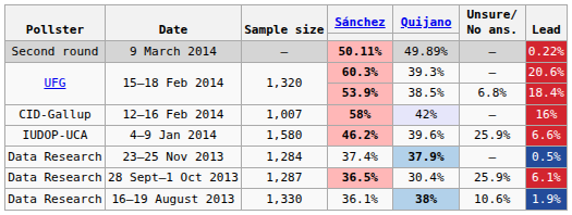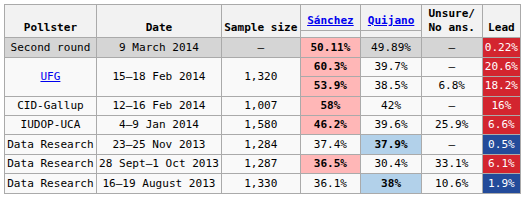 <table class="nowrap wikitable" style="text-align:center;font-size:85%;line-height:14px">
 <tr style="vertical-align:bottom">
 <th rowspan="2">Pollster</th>
 <th rowspan="2">Date</th>
 <th rowspan="2">Sample size</th>
 <th style="width:5em"><a href='#'>Sánchez</a><br></th>
 <th style="width:5em"><a href='#'>Quijano</a><br></th>
 <th rowspan="2" style="width:5em">Unsure/<br>No ans.</th>
 <th rowspan="2">Lead</th>
 </tr>
 <tr>
 <th style="background:"></th>
 <th style="background:"></th>
 </tr>
 <tr style="background:#D5D5D5;">
 <td>Second round</td>
 <td>9 March 2014</td>
 <td>–</td>
 <td style="background:#ffb7b7;font-weight:bold">50.11%</td>
 <td>49.89%</td>
 <td>–</td>
 <td style=background:#D3252F;color:white>0.22%</td>
 </tr>
 <tr>
 <td rowspan="2"><a href='#'>UFG</a></td>
 <td rowspan="2">15–18 Feb 2014</td>
 <td rowspan="2">1,320</td>
 <td style="background:#ffb7b7;font-weight:bold">60.3%</td>
-<td>39.3%</td>
+<td>39.7%</td>
 <td>–</td>
 <td style=background:#D3252F;color:white>20.6%</td>
 </tr>
 <tr>
 <td style="background:#ffb7b7;font-weight:bold">53.9%</td>
 <td>38.5%</td>
 <td>6.8%</td>
-<td style=background:#D3252F;color:white>18.4%</td>
+<td style=background:#D3252F;color:white>18.2%</td>
 </tr>
 <tr>
 <td>CID-Gallup</td>
 <td>12–16 Feb 2014</td>
 <td>1,007</td>
 <td style="background:#ffb7b7;font-weight:bold">58%</td>
-<td style="background: lavender;">42%</td>
+<td>42%</td>
 <td>–</td>
 <td style=background:#D3252F;color:white>16%</td>
 </tr>
 <tr>
 <td>IUDOP-UCA</td>
 <td>4–9 Jan 2014</td>
 <td>1,580</td>
 <td style="background:#ffb7b7;font-weight:bold">46.2%</td>
 <td>39.6%</td>
 <td>25.9%</td>
 <td style=background:#D3252F;color:white>6.6%</td>
 </tr>
 <tr>
 <td>Data Research</td>
 <td>23–25 Nov 2013</td>
 <td>1,284</td>
 <td>37.4%</td>
 <td style="background:#b2d1ea;font-weight:bold">37.9%</td>
 <td>–</td>
 <td style=background:#234B9A;color:white>0.5%</td>
 </tr>
 <tr>
 <td>Data Research</td>
 <td>28 Sept–1 Oct 2013</td>
 <td>1,287</td>
 <td style="background:#ffb7b7;font-weight:bold">36.5%</td>
 <td>30.4%</td>
-<td>25.9%</td>
+<td>33.1%</td>
 <td style=background:#D3252F;color:white>6.1%</td>
 </tr>
 <tr>
 <td>Data Research</td>
 <td>16–19 August 2013</td>
 <td>1,330</td>
 <td>36.1%</td>
 <td style="background:#b2d1ea;font-weight:bold">38%</td>
 <td>10.6%</td>
 <td style=background:#234B9A;color:white>1.9%</td>
 </tr>
 </table>
